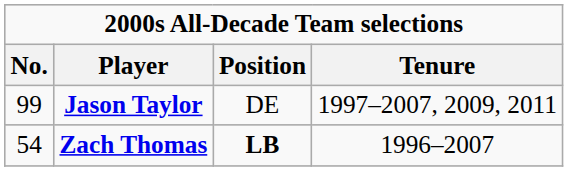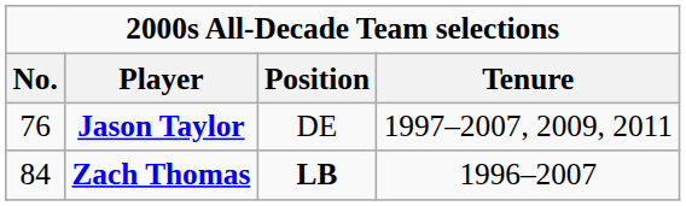 <table class="wikitable" style="text-align:center">
 <tr>
 <td colspan="4"><strong>2000s All-Decade Team selections</strong></td>
 </tr>
 <tr>
 <th>No.</th>
 <th>Player</th>
 <th>Position</th>
 <th>Tenure</th>
 </tr>
 <tr>
-<td>99</td>
+<td>76</td>
 <td><strong><a href='#'>Jason Taylor</a></strong></td>
 <td>DE</td>
 <td>1997–2007, 2009, 2011</td>
 </tr>
 <tr>
-<td>54</td>
+<td>84</td>
 <td><strong><a href='#'>Zach Thomas</a></strong></td>
 <td><strong>LB</strong></td>
 <td>1996–2007</td>
 </tr>
 </table>
